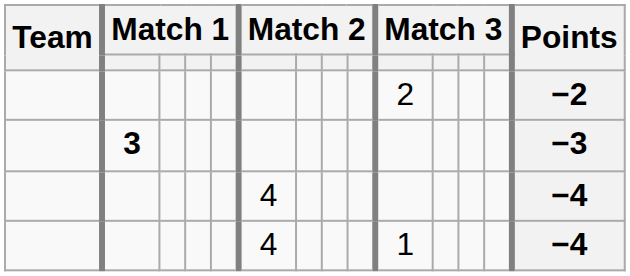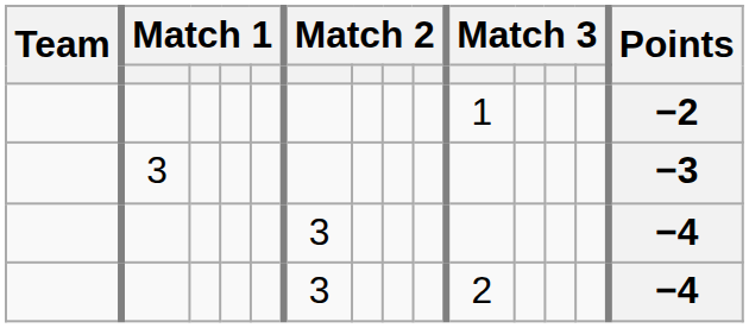 <table class="wikitable sortable" style="text-align:center;">
 <tr>
 <th rowspan=2>Team</th>
 <th colspan=4 style="border-left:3px solid gray">Match 1</th>
 <th colspan=4 style="border-left:3px solid gray">Match 2</th>
 <th colspan=4 style="border-left:3px solid gray">Match 3</th>
 <th rowspan=2 style="border-left:3px solid gray">Points</th>
 </tr>
 <tr>
 <th style="border-left:3px solid gray"></th>
 <th></th>
 <th></th>
 <th></th>
 <th style="border-left:3px solid gray"></th>
 <th></th>
 <th></th>
 <th></th>
 <th style="border-left:3px solid gray"></th>
 <th></th>
 <th></th>
 <th></th>
 </tr>
 <tr>
 <td align=left></td>
 <td style="border-left:3px solid gray"></td>
 <td></td>
 <td></td>
 <td></td>
 <td style="border-left:3px solid gray"></td>
 <td></td>
 <td></td>
 <td></td>
-<td style="border-left:3px solid gray">2</td>
+<td style="border-left:3px solid gray">1</td>
 <td></td>
 <td></td>
 <td></td>
 <th style="border-left:3px solid gray">−2</th>
 </tr>
 <tr>
 <td align=left></td>
-<td style="border-left:3px solid gray"><strong>3</strong></td>
+<td style="border-left:3px solid gray">3</td>
 <td></td>
 <td></td>
 <td></td>
 <td style="border-left:3px solid gray"></td>
 <td></td>
 <td></td>
 <td></td>
 <td style="border-left:3px solid gray"></td>
 <td></td>
 <td></td>
 <td></td>
 <th style="border-left:3px solid gray">−3</th>
 </tr>
 <tr>
 <td align=left></td>
 <td style="border-left:3px solid gray"></td>
 <td></td>
 <td></td>
 <td></td>
-<td style="border-left:3px solid gray">4</td>
+<td style="border-left:3px solid gray">3</td>
 <td></td>
 <td></td>
 <td></td>
 <td style="border-left:3px solid gray"></td>
 <td></td>
 <td></td>
 <td></td>
 <th style="border-left:3px solid gray">−4</th>
 </tr>
 <tr>
 <td align=left></td>
 <td style="border-left:3px solid gray"></td>
 <td></td>
 <td></td>
 <td></td>
-<td style="border-left:3px solid gray">4</td>
+<td style="border-left:3px solid gray">3</td>
 <td></td>
 <td></td>
 <td></td>
-<td style="border-left:3px solid gray">1</td>
+<td style="border-left:3px solid gray">2</td>
 <td></td>
 <td></td>
 <td></td>
 <th style="border-left:3px solid gray">−4</th>
 </tr>
 </table>
